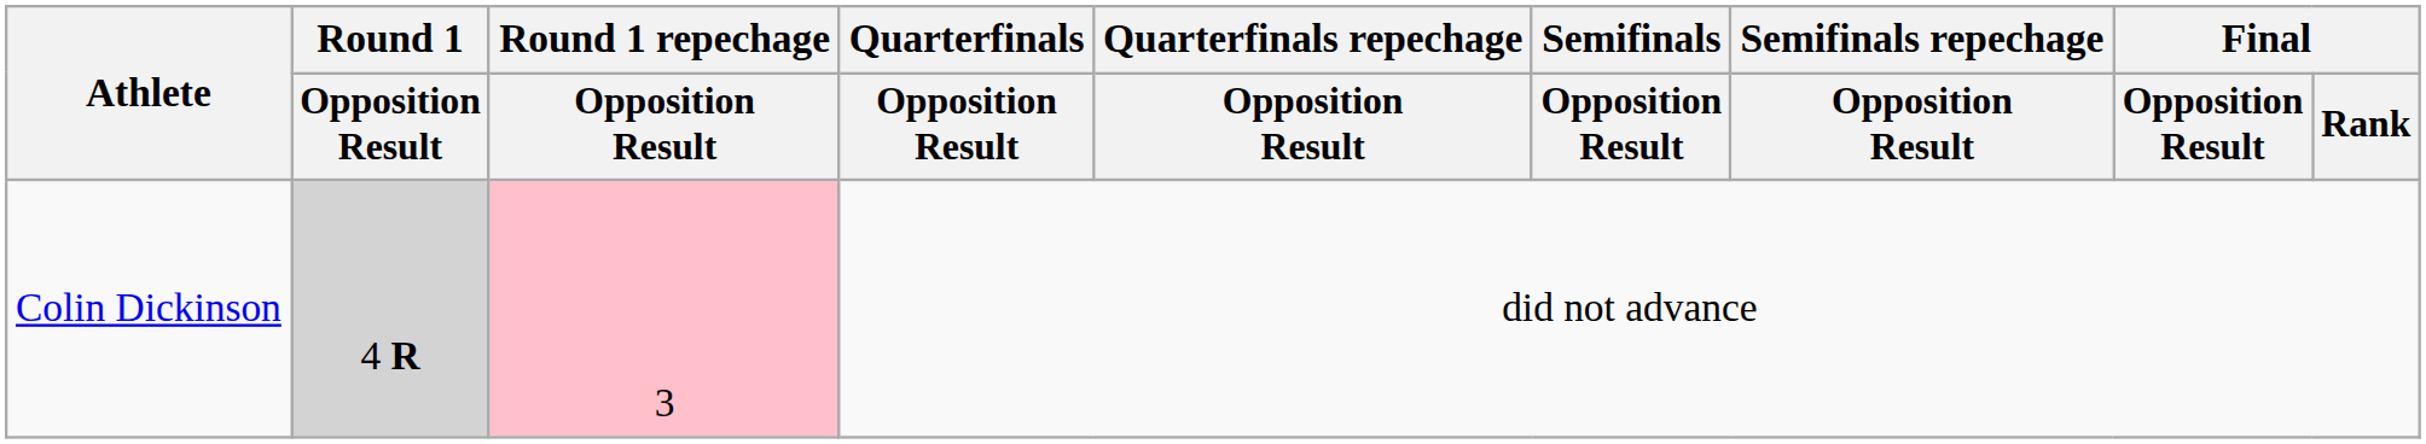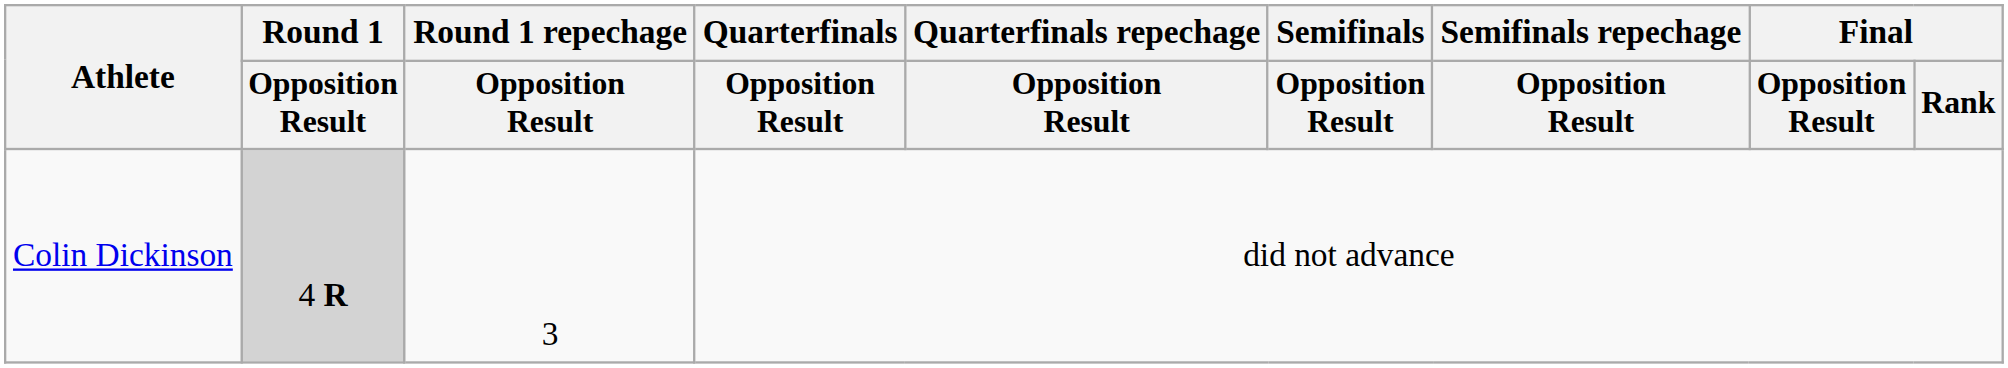 <table class="wikitable" style="font-size:90%;text-align:center;">
 <tr>
 <th rowspan=2>Athlete</th>
 <th>Round 1</th>
 <th>Round 1 repechage</th>
 <th>Quarterfinals</th>
 <th>Quarterfinals repechage</th>
 <th>Semifinals</th>
 <th>Semifinals repechage</th>
 <th colspan=2>Final</th>
 </tr>
 <tr style="font-size:95%">
 <th>Opposition<br>Result</th>
 <th>Opposition<br>Result</th>
 <th>Opposition<br>Result</th>
 <th>Opposition<br>Result</th>
 <th>Opposition<br>Result</th>
 <th>Opposition<br>Result</th>
 <th>Opposition<br>Result</th>
 <th>Rank</th>
 </tr>
 <tr>
 <td style="text-align:left;"><a href='#'>Colin Dickinson</a></td>
 <td style="background: lightgrey;"><br><br><br>4 <strong>R</strong><br> </td>
-<td style="background: pink;"><br><br><br><br>3</td>
+<td><br><br><br><br>3</td>
 <td colspan=6>did not advance</td>
 </tr>
 </table>
